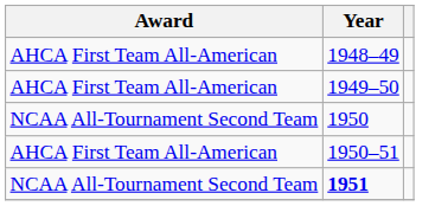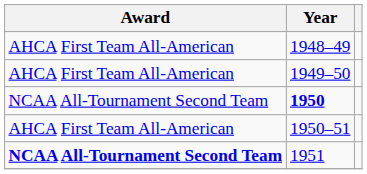 <table class="wikitable">
 <tr>
 <th>Award</th>
 <th>Year</th>
 <th></th>
 </tr>
 <tr>
 <td><a href='#'>AHCA</a> <a href='#'>First Team All-American</a></td>
 <td><a href='#'>1948–49</a></td>
 <td></td>
 </tr>
 <tr>
 <td><a href='#'>AHCA</a> <a href='#'>First Team All-American</a></td>
 <td><a href='#'>1949–50</a></td>
 <td></td>
 </tr>
 <tr>
 <td><a href='#'>NCAA</a> <a href='#'>All-Tournament Second Team</a></td>
-<td><a href='#'>1950</a></td>
+<td><strong><a href='#'>1950</a></strong></td>
 <td></td>
 </tr>
 <tr>
 <td><a href='#'>AHCA</a> <a href='#'>First Team All-American</a></td>
 <td><a href='#'>1950–51</a></td>
 <td></td>
 </tr>
 <tr>
-<td><a href='#'>NCAA</a> <a href='#'>All-Tournament Second Team</a></td>
-<td><strong><a href='#'>1951</a></strong></td>
+<td><strong><a href='#'>NCAA</a> <a href='#'>All-Tournament Second Team</a></strong></td>
+<td><a href='#'>1951</a></td>
 <td></td>
 </tr>
 <tr>
 </tr>
 </table>
